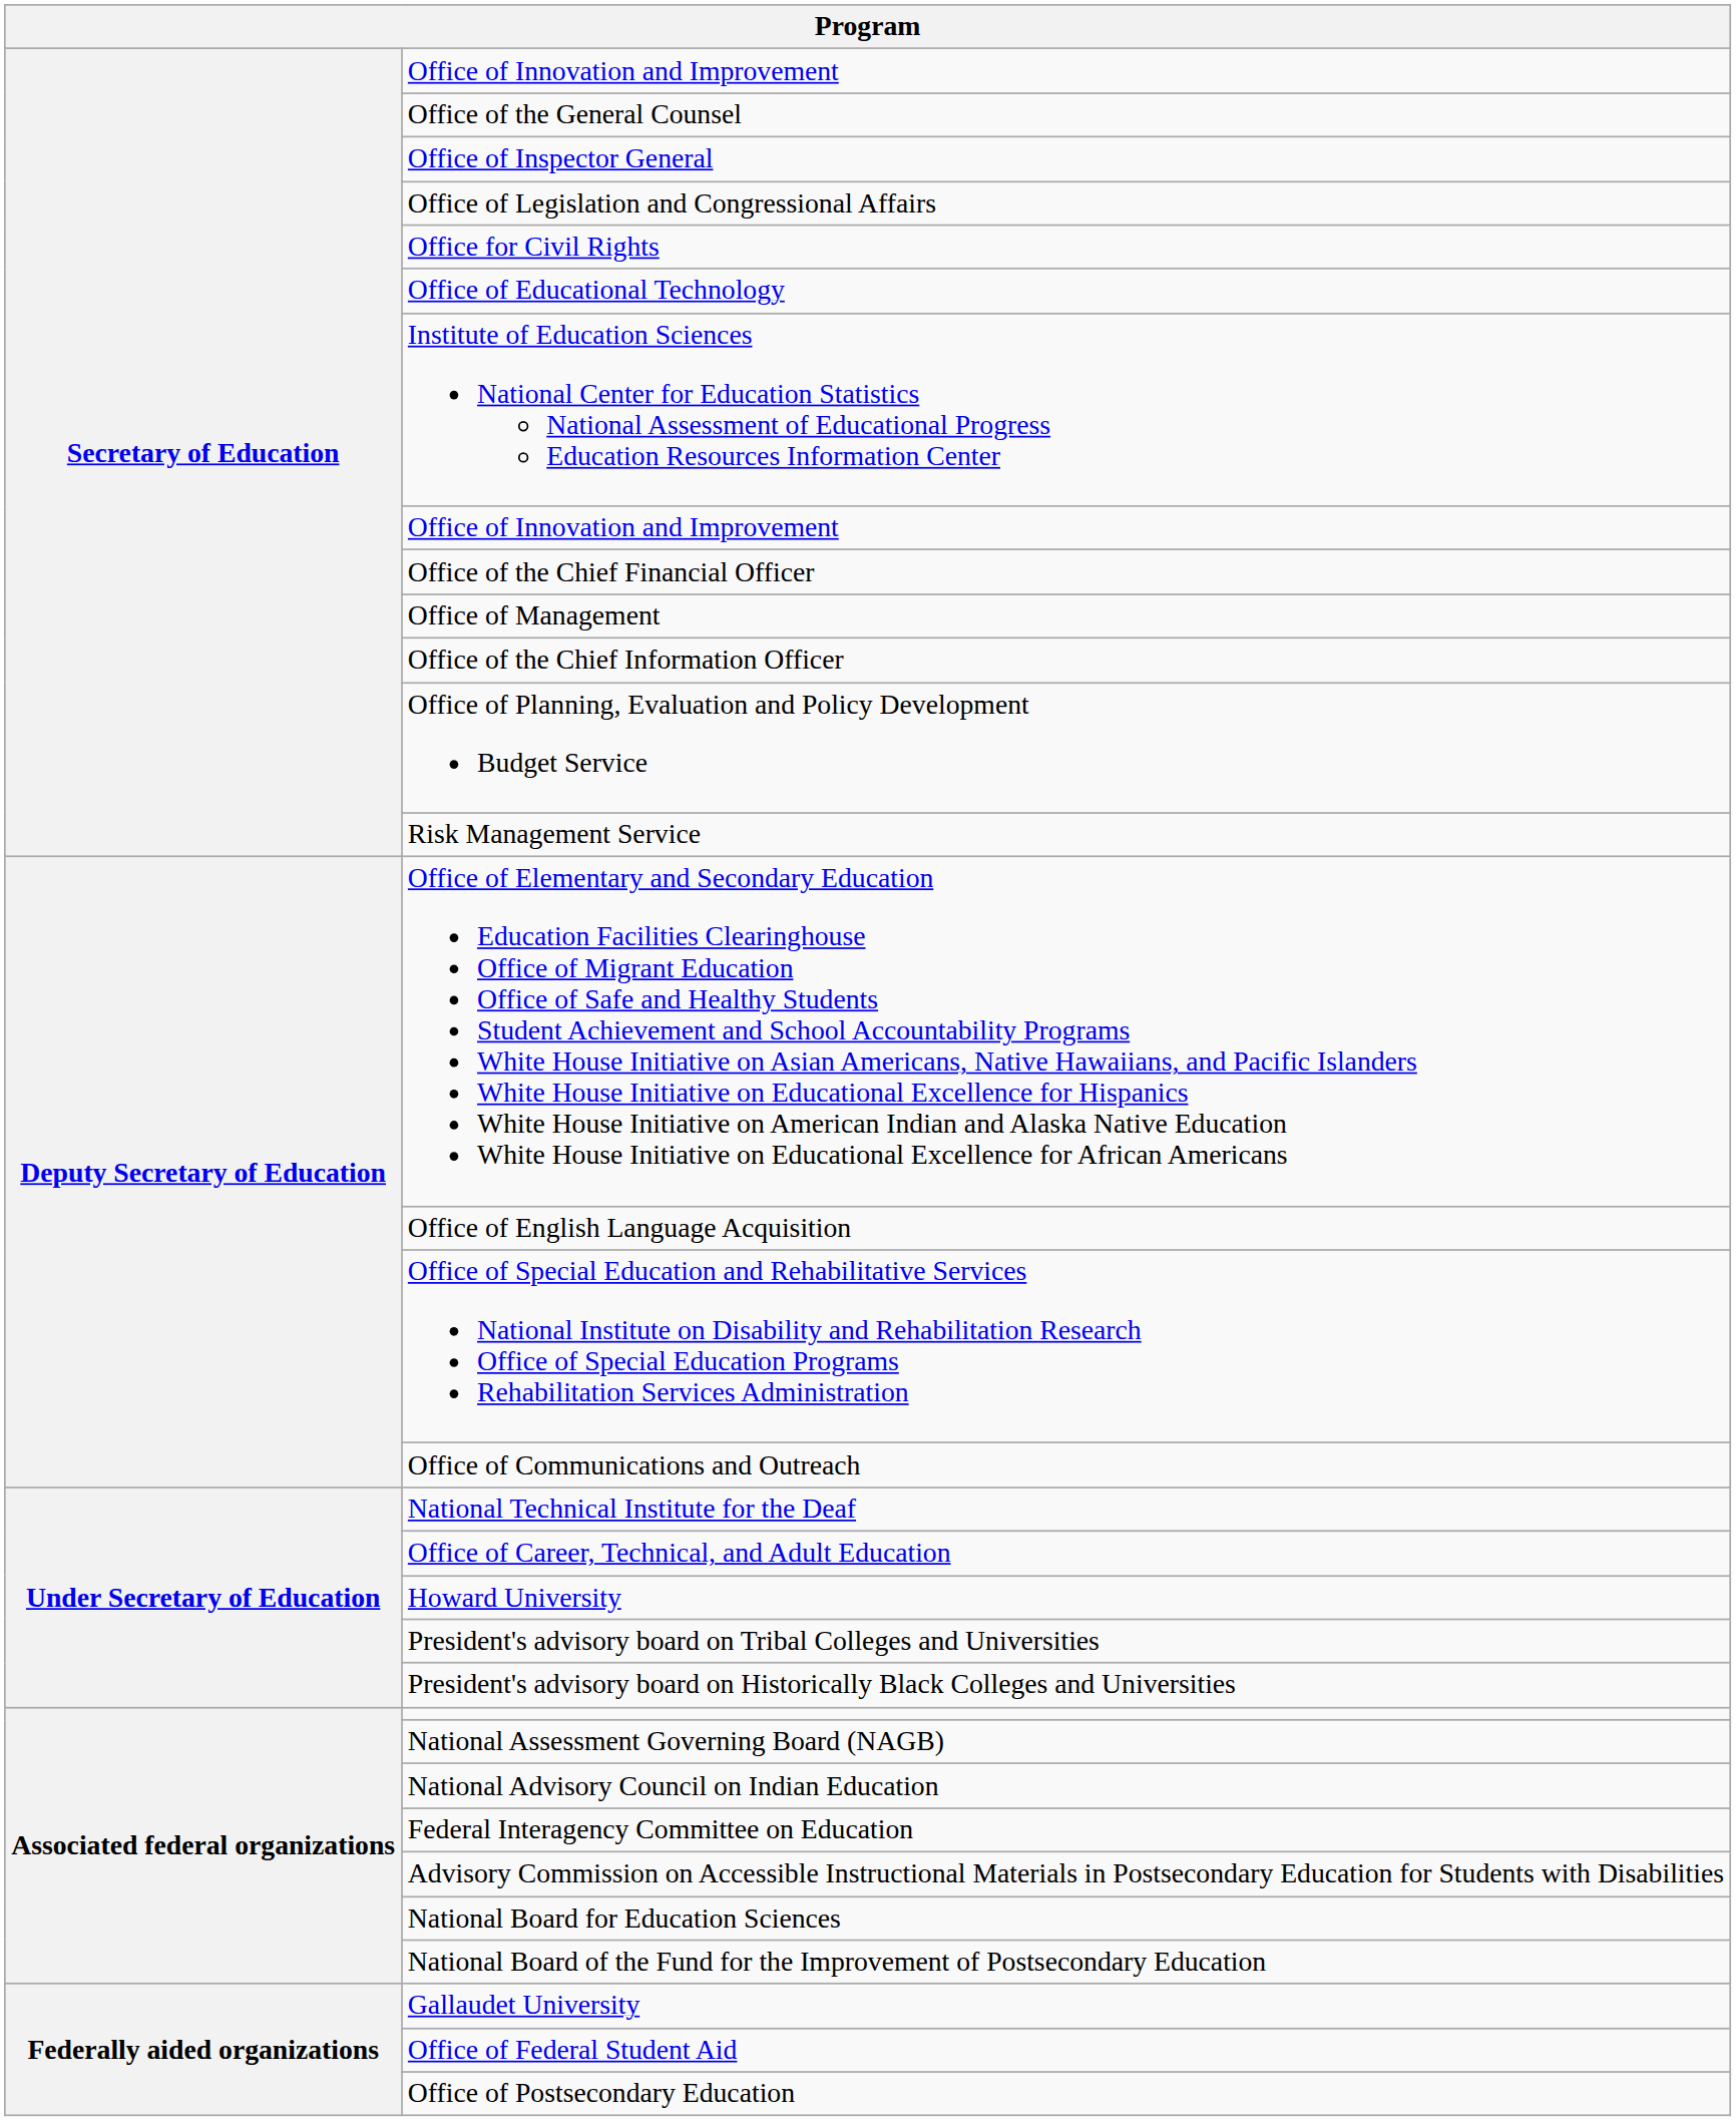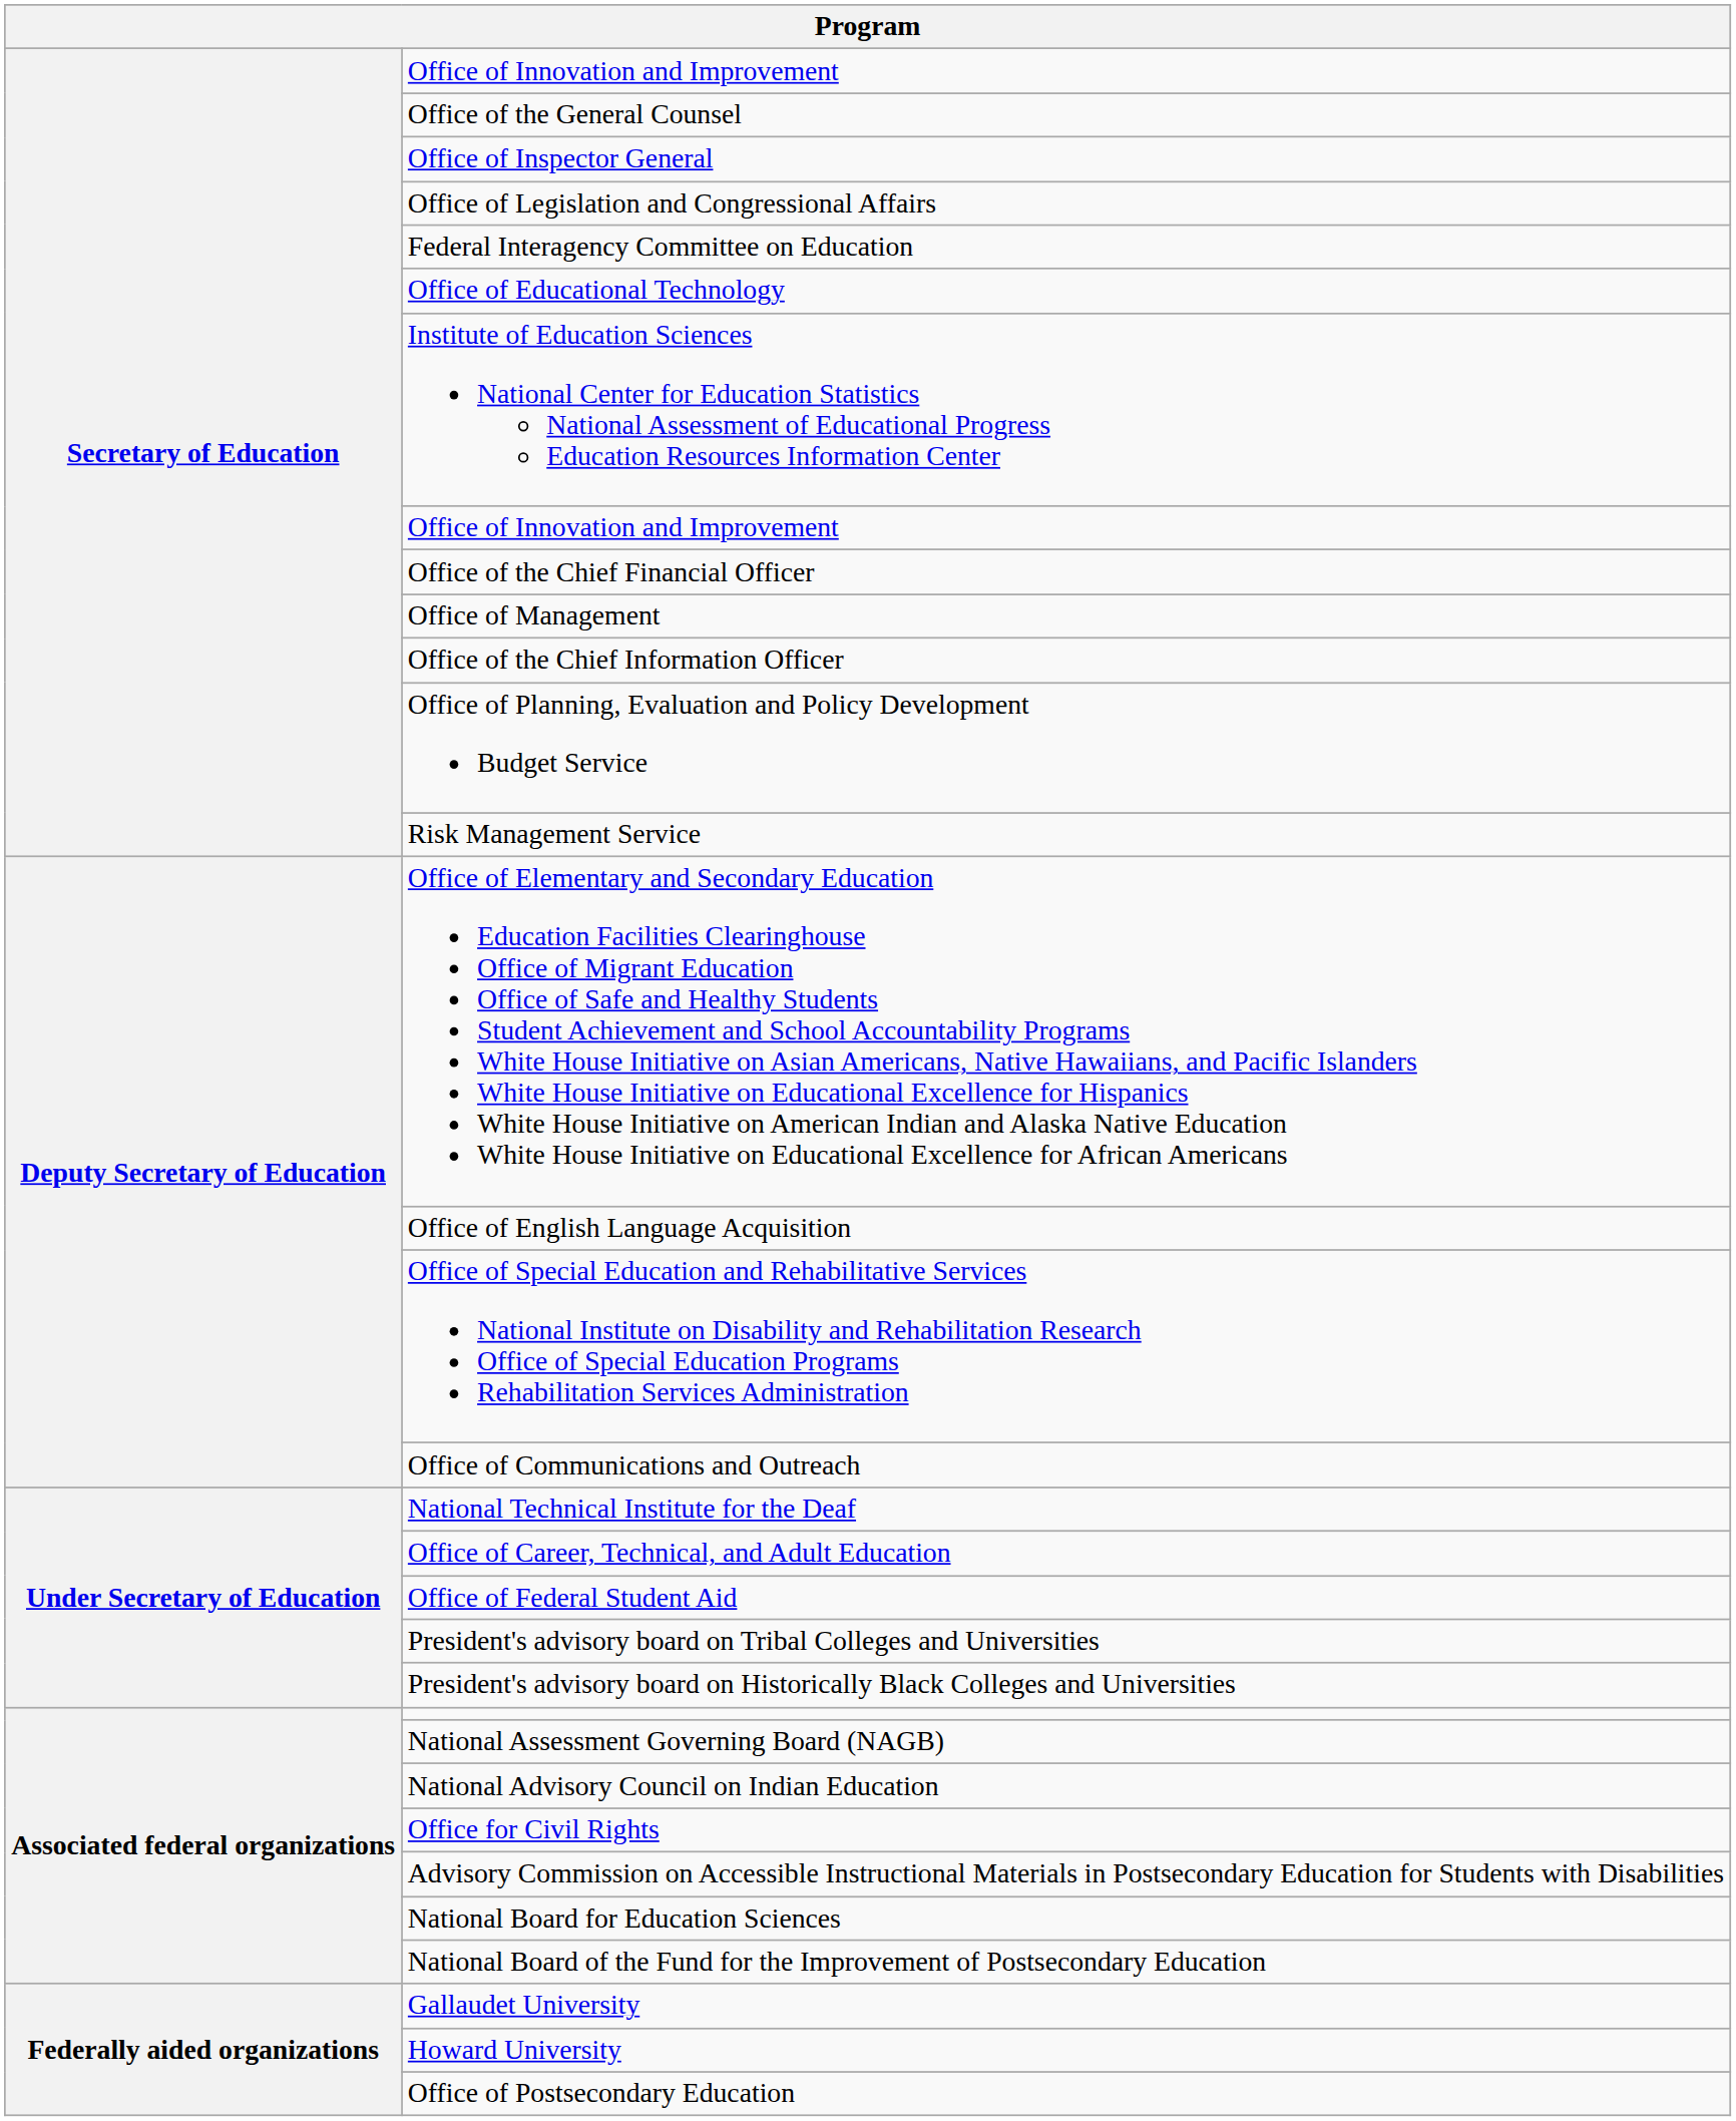 <table class="wikitable sortable">
 <tr>
 <th scope="col" colspan="2">Program</th>
 </tr>
 <tr>
 <th scope="row" rowspan="13"><a href='#'>Secretary of Education</a></th>
 <td><a href='#'>Office of Innovation and Improvement</a></td>
 </tr>
 <tr>
 <td>Office of the General Counsel</td>
 </tr>
 <tr>
 <td><a href='#'>Office of Inspector General</a></td>
 </tr>
 <tr>
 <td>Office of Legislation and Congressional Affairs</td>
 </tr>
 <tr>
-<td><a href='#'>Office for Civil Rights</a></td>
+<td>Federal Interagency Committee on Education</td>
 </tr>
 <tr>
 <td><a href='#'>Office of Educational Technology</a></td>
 </tr>
 <tr>
 <td><a href='#'>Institute of Education Sciences</a><br><ul><li><a href='#'>National Center for Education Statistics</a><ul><li><a href='#'>National Assessment of Educational Progress</a></li><li><a href='#'>Education Resources Information Center</a></li></ul></li></ul></td>
 </tr>
 <tr>
 <td><a href='#'>Office of Innovation and Improvement</a></td>
 </tr>
 <tr>
 <td>Office of the Chief Financial Officer</td>
 </tr>
 <tr>
 <td>Office of Management</td>
 </tr>
 <tr>
 <td>Office of the Chief Information Officer</td>
 </tr>
 <tr>
 <td>Office of Planning, Evaluation and Policy Development<br><ul><li>Budget Service</li></ul></td>
 </tr>
 <tr>
 <td>Risk Management Service</td>
 </tr>
 <tr>
 <th scope="row" rowspan="4"><a href='#'>Deputy Secretary of Education</a></th>
 <td><a href='#'>Office of Elementary and Secondary Education</a><br><ul><li><a href='#'>Education Facilities Clearinghouse</a></li><li><a href='#'>Office of Migrant Education</a></li><li><a href='#'>Office of Safe and Healthy Students</a></li><li><a href='#'>Student Achievement and School Accountability Programs</a></li><li><a href='#'>White House Initiative on Asian Americans, Native Hawaiians, and Pacific Islanders</a></li><li><a href='#'>White House Initiative on Educational Excellence for Hispanics</a></li><li>White House Initiative on American Indian and Alaska Native Education</li><li>White House Initiative on Educational Excellence for African Americans</li></ul></td>
 </tr>
 <tr>
 <td>Office of English Language Acquisition</td>
 </tr>
 <tr>
 <td><a href='#'>Office of Special Education and Rehabilitative Services</a><br><ul><li><a href='#'>National Institute on Disability and Rehabilitation Research</a></li><li><a href='#'>Office of Special Education Programs</a></li><li><a href='#'>Rehabilitation Services Administration</a></li></ul></td>
 </tr>
 <tr>
 <td>Office of Communications and Outreach</td>
 </tr>
 <tr>
 <th scope="row" rowspan="5"><a href='#'>Under Secretary of Education</a></th>
 <td><a href='#'>National Technical Institute for the Deaf</a></td>
 </tr>
 <tr>
 <td><a href='#'>Office of Career, Technical, and Adult Education</a></td>
 </tr>
 <tr>
-<td><a href='#'>Howard University</a></td>
+<td><a href='#'>Office of Federal Student Aid</a></td>
 </tr>
 <tr>
 <td>President's advisory board on Tribal Colleges and Universities</td>
 </tr>
 <tr>
 <td>President's advisory board on Historically Black Colleges and Universities</td>
 </tr>
 <tr>
 <th scope="row" rowspan="7">Associated federal organizations</th>
 <td></td>
 </tr>
 <tr>
 <td>National Assessment Governing Board (NAGB)</td>
 </tr>
 <tr>
 <td>National Advisory Council on Indian Education</td>
 </tr>
 <tr>
-<td>Federal Interagency Committee on Education</td>
+<td><a href='#'>Office for Civil Rights</a></td>
 </tr>
 <tr>
 <td>Advisory Commission on Accessible Instructional Materials in Postsecondary Education for Students with Disabilities</td>
 </tr>
 <tr>
 <td>National Board for Education Sciences</td>
 </tr>
 <tr>
 <td>National Board of the Fund for the Improvement of Postsecondary Education</td>
 </tr>
 <tr>
 <th scope="row" rowspan="3">Federally aided organizations</th>
 <td><a href='#'>Gallaudet University</a></td>
 </tr>
 <tr>
-<td><a href='#'>Office of Federal Student Aid</a></td>
+<td><a href='#'>Howard University</a></td>
 </tr>
 <tr>
 <td>Office of Postsecondary Education</td>
 </tr>
 </table>
